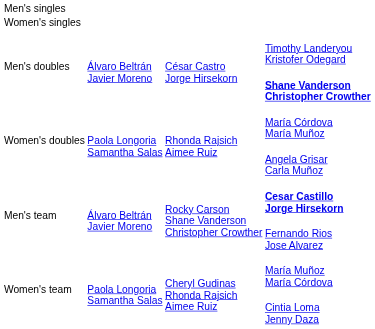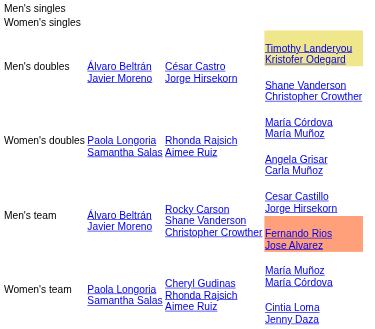 <table>
 <tr>
 <td rowspan=2>Men's singles <br></td>
 <td rowspan=2></td>
 <td rowspan=2></td>
 <td></td>
 </tr>
 <tr>
 <td></td>
 </tr>
 <tr>
 <td rowspan=2>Women's singles <br></td>
 <td rowspan=2></td>
 <td rowspan=2></td>
 <td></td>
 </tr>
 <tr>
 <td></td>
 </tr>
 <tr>
 <td rowspan=2>Men's doubles <br></td>
 <td rowspan=2><br><a href='#'>Álvaro Beltrán</a><br> <a href='#'>Javier Moreno</a></td>
 <td rowspan=2><br><a href='#'>César Castro</a><br><a href='#'>Jorge Hirsekorn</a></td>
-<td><br><a href='#'>Timothy Landeryou</a><br><a href='#'>Kristofer Odegard</a></td>
+<td style="background: khaki;"><br><a href='#'>Timothy Landeryou</a><br><a href='#'>Kristofer Odegard</a></td>
 </tr>
 <tr>
-<td><strong><br><a href='#'>Shane Vanderson</a><br><a href='#'>Christopher Crowther</a></strong></td>
+<td><br><a href='#'>Shane Vanderson</a><br><a href='#'>Christopher Crowther</a></td>
 </tr>
 <tr>
 <td rowspan=2>Women's doubles <br></td>
 <td rowspan=2><br><a href='#'>Paola Longoria</a><br><a href='#'>Samantha Salas</a></td>
 <td rowspan=2><br><a href='#'>Rhonda Rajsich</a><br><a href='#'>Aimee Ruiz</a></td>
 <td><br><a href='#'>María Córdova</a><br><a href='#'>María Muñoz</a></td>
 </tr>
 <tr>
 <td><br><a href='#'>Angela Grisar</a><br><a href='#'>Carla Muñoz</a></td>
 </tr>
 <tr>
 <td rowspan=2>Men's team <br></td>
 <td rowspan=2><br><a href='#'>Álvaro Beltrán</a><br> <a href='#'>Javier Moreno</a></td>
 <td rowspan=2><br><a href='#'>Rocky Carson</a><br><a href='#'>Shane Vanderson</a><br><a href='#'>Christopher Crowther</a></td>
-<td><strong><br><a href='#'>Cesar Castillo</a><br><a href='#'>Jorge Hirsekorn</a></strong></td>
+<td><br><a href='#'>Cesar Castillo</a><br><a href='#'>Jorge Hirsekorn</a></td>
 </tr>
 <tr>
-<td><br><a href='#'>Fernando Rios</a><br><a href='#'>Jose Alvarez</a></td>
+<td style="background: lightsalmon;"><br><a href='#'>Fernando Rios</a><br><a href='#'>Jose Alvarez</a></td>
 </tr>
 <tr>
 <td rowspan=2>Women's team <br></td>
 <td rowspan=2><br><a href='#'>Paola Longoria</a><br><a href='#'>Samantha Salas</a></td>
 <td rowspan=2><br><a href='#'>Cheryl Gudinas</a><br><a href='#'>Rhonda Rajsich</a><br><a href='#'>Aimee Ruiz</a></td>
 <td><br><a href='#'>María Muñoz</a><br><a href='#'>María Córdova</a></td>
 </tr>
 <tr>
 <td><br><a href='#'>Cintia Loma</a><br><a href='#'>Jenny Daza</a></td>
 </tr>
 </table>
